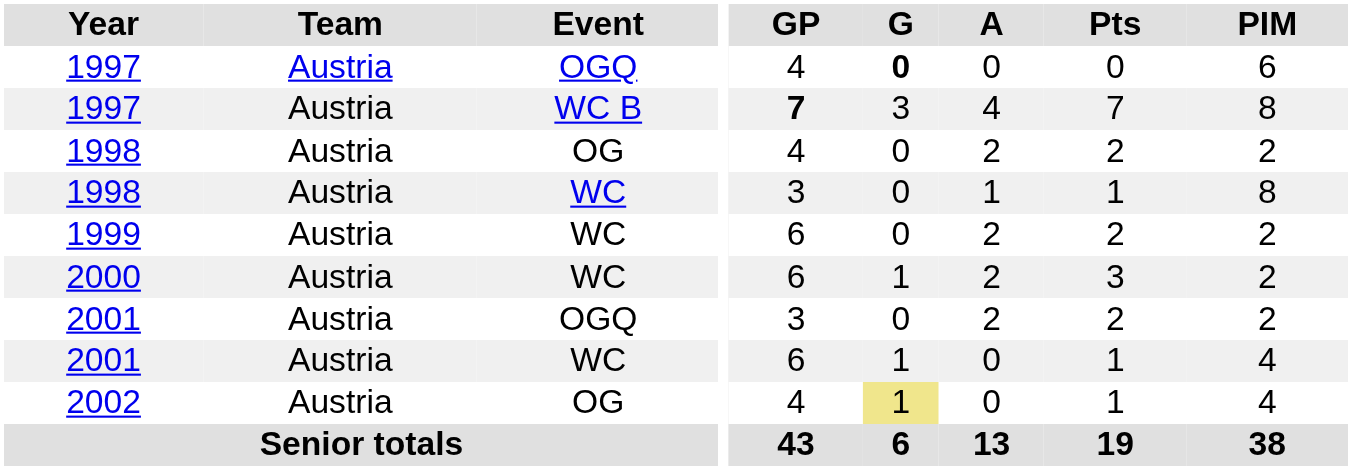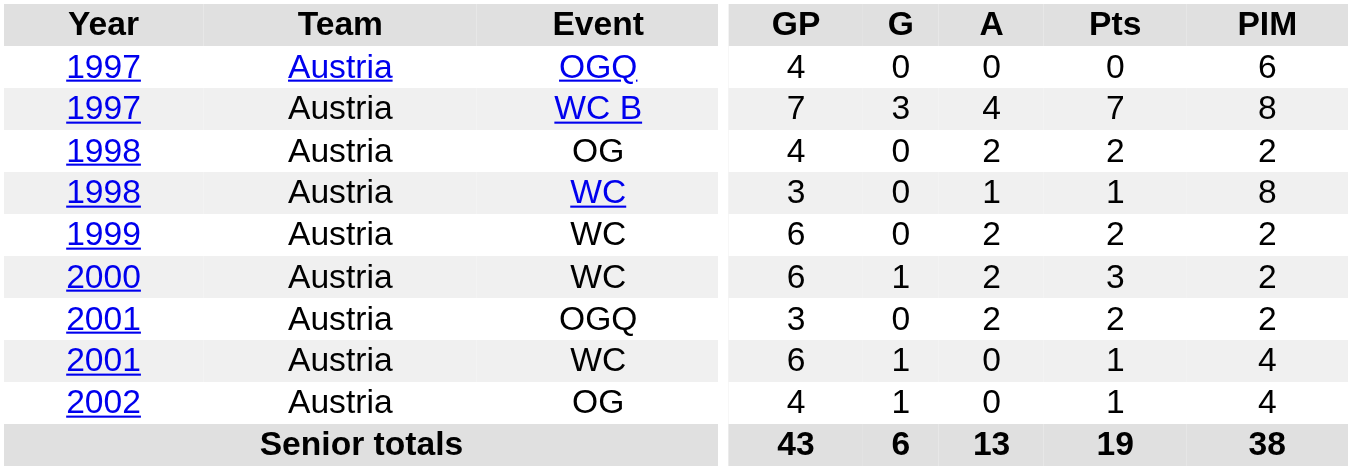 <table border="0" cellpadding="1" cellspacing="0" style="text-align:center; width:40em">
 <tr bgcolor="#e0e0e0">
 <th>Year</th>
 <th>Team</th>
 <th>Event</th>
 <th rowspan="99" bgcolor="#ffffff"></th>
 <th>GP</th>
 <th>G</th>
 <th>A</th>
 <th>Pts</th>
 <th>PIM</th>
 </tr>
 <tr>
 <td><a href='#'>1997</a></td>
 <td><a href='#'>Austria</a></td>
 <td><a href='#'>OGQ</a></td>
 <td>4</td>
-<td><strong>0</strong></td>
+<td>0</td>
 <td>0</td>
 <td>0</td>
 <td>6</td>
 </tr>
 <tr bgcolor="#f0f0f0">
 <td><a href='#'>1997</a></td>
 <td>Austria</td>
 <td><a href='#'>WC B</a></td>
-<td><strong>7</strong></td>
+<td>7</td>
 <td>3</td>
 <td>4</td>
 <td>7</td>
 <td>8</td>
 </tr>
 <tr>
 <td><a href='#'>1998</a></td>
 <td>Austria</td>
 <td>OG</td>
 <td>4</td>
 <td>0</td>
 <td>2</td>
 <td>2</td>
 <td>2</td>
 </tr>
 <tr bgcolor="#f0f0f0">
 <td><a href='#'>1998</a></td>
 <td>Austria</td>
 <td><a href='#'>WC</a></td>
 <td>3</td>
 <td>0</td>
 <td>1</td>
 <td>1</td>
 <td>8</td>
 </tr>
 <tr>
 <td><a href='#'>1999</a></td>
 <td>Austria</td>
 <td>WC</td>
 <td>6</td>
 <td>0</td>
 <td>2</td>
 <td>2</td>
 <td>2</td>
 </tr>
 <tr bgcolor="#f0f0f0">
 <td><a href='#'>2000</a></td>
 <td>Austria</td>
 <td>WC</td>
 <td>6</td>
 <td>1</td>
 <td>2</td>
 <td>3</td>
 <td>2</td>
 </tr>
 <tr>
 <td><a href='#'>2001</a></td>
 <td>Austria</td>
 <td>OGQ</td>
 <td>3</td>
 <td>0</td>
 <td>2</td>
 <td>2</td>
 <td>2</td>
 </tr>
 <tr bgcolor="#f0f0f0">
 <td><a href='#'>2001</a></td>
 <td>Austria</td>
 <td>WC</td>
 <td>6</td>
 <td>1</td>
 <td>0</td>
 <td>1</td>
 <td>4</td>
 </tr>
 <tr>
 <td><a href='#'>2002</a></td>
 <td>Austria</td>
 <td>OG</td>
 <td>4</td>
-<td style="background: khaki;">1</td>
+<td>1</td>
 <td>0</td>
 <td>1</td>
 <td>4</td>
 </tr>
 <tr bgcolor="#e0e0e0">
 <th colspan="3">Senior totals</th>
 <th>43</th>
 <th>6</th>
 <th>13</th>
 <th>19</th>
 <th>38</th>
 </tr>
 </table>
